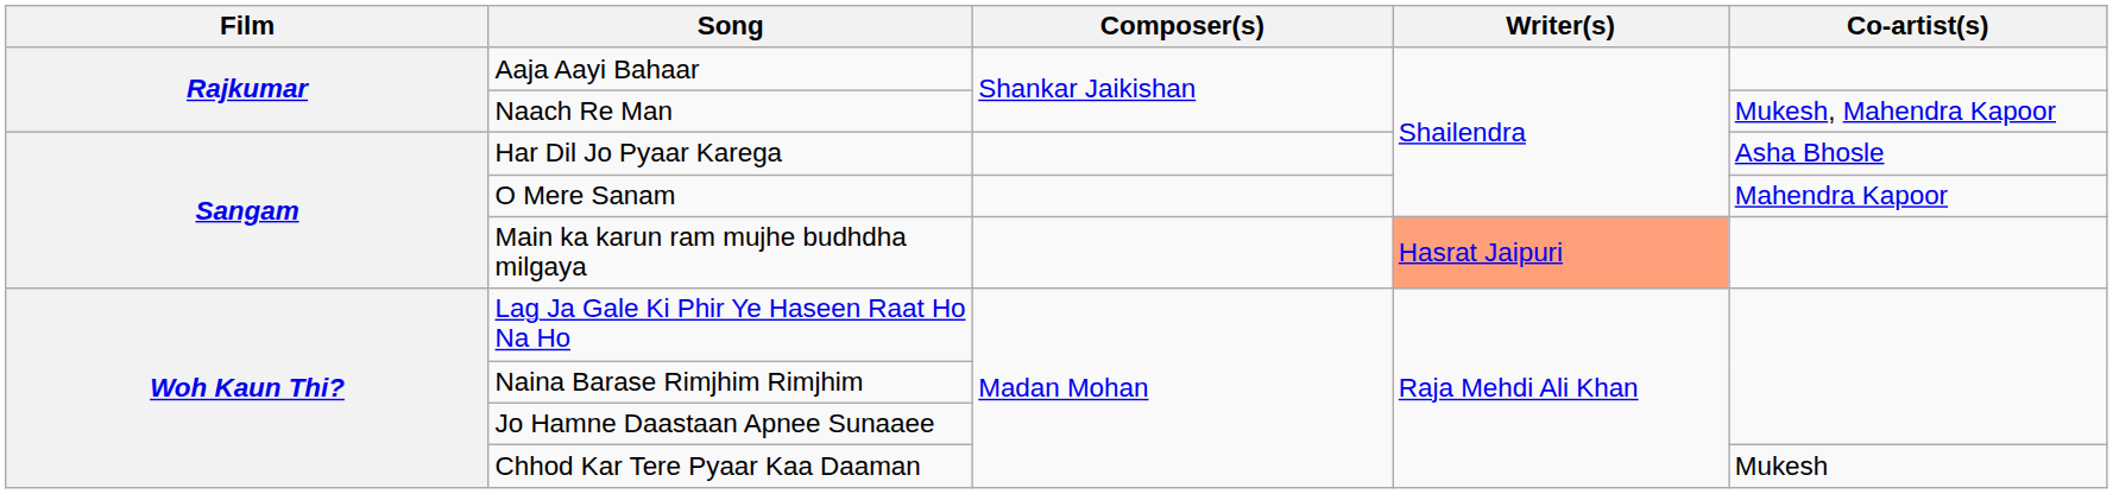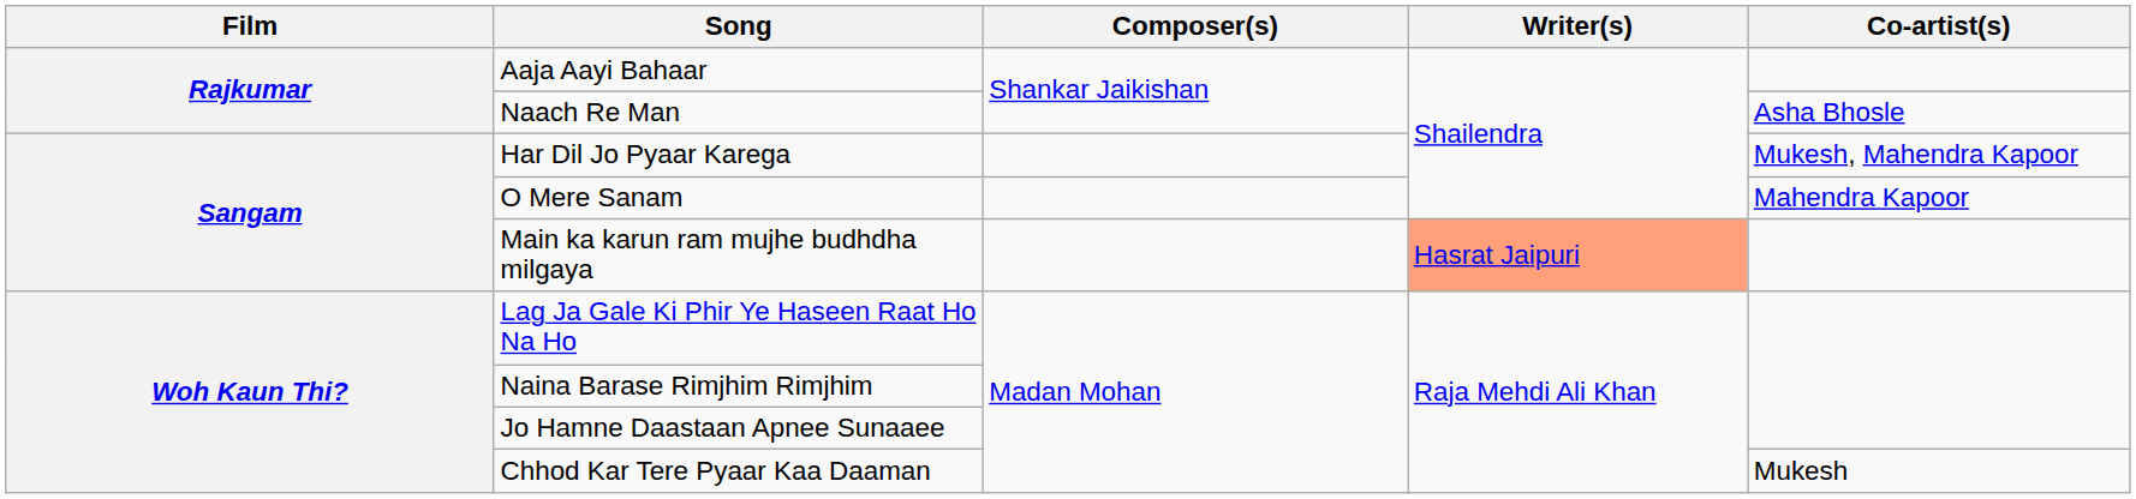 <table class="wikitable plainrowheaders" style="width:100%; textcolor:#000">
 <tr style="background:#b0e0e66;">
 <th scope="col" style="width:23%;"><strong>Film</strong></th>
 <th scope="col" style="width:23%;"><strong>Song</strong></th>
 <th scope="col" style="width:20%;"><strong>Composer(s)</strong></th>
 <th scope="col" style="width:16%;"><strong>Writer(s)</strong></th>
 <th scope="col" style="width:18%;"><strong>Co-artist(s)</strong></th>
 </tr>
 <tr>
 <th rowspan="2"><em><a href='#'>Rajkumar</a></em></th>
 <td>Aaja Aayi Bahaar</td>
 <td rowspan="2"><a href='#'>Shankar Jaikishan</a></td>
 <td rowspan="4"><a href='#'>Shailendra</a></td>
 <td></td>
 </tr>
 <tr>
 <td>Naach Re Man</td>
-<td><a href='#'>Mukesh</a>, <a href='#'>Mahendra Kapoor</a></td>
+<td><a href='#'>Asha Bhosle</a></td>
 </tr>
 <tr>
 <th rowspan="3"><a href='#'><em>Sangam</em></a></th>
 <td>Har Dil Jo Pyaar Karega</td>
 <td></td>
-<td><a href='#'>Asha Bhosle</a></td>
+<td><a href='#'>Mukesh</a>, <a href='#'>Mahendra Kapoor</a></td>
 </tr>
 <tr>
 <td>O Mere Sanam</td>
 <td></td>
 <td><a href='#'>Mahendra Kapoor</a></td>
 </tr>
 <tr>
 <td>Main ka karun ram mujhe budhdha milgaya</td>
 <td></td>
 <td style="background: lightsalmon;"><a href='#'>Hasrat Jaipuri</a></td>
 <td></td>
 </tr>
 <tr>
 <th rowspan="4"><em><a href='#'>Woh Kaun Thi?</a></em></th>
 <td><a href='#'>Lag Ja Gale Ki Phir Ye Haseen Raat Ho Na Ho</a></td>
 <td rowspan="4"><a href='#'>Madan Mohan</a></td>
 <td rowspan="4"><a href='#'>Raja Mehdi Ali Khan</a></td>
 <td rowspan=3></td>
 </tr>
 <tr>
 <td>Naina Barase Rimjhim Rimjhim</td>
 </tr>
 <tr>
 <td>Jo Hamne Daastaan Apnee Sunaaee</td>
 </tr>
 <tr>
 <td>Chhod Kar Tere Pyaar Kaa Daaman</td>
 <td>Mukesh</td>
 </tr>
 </table>
